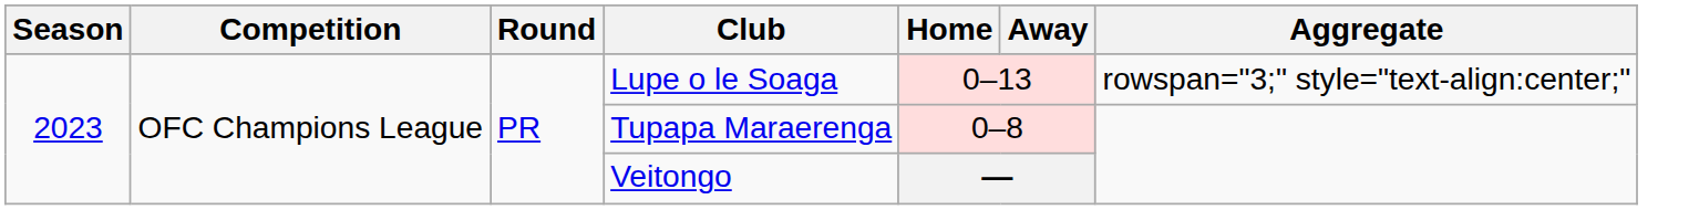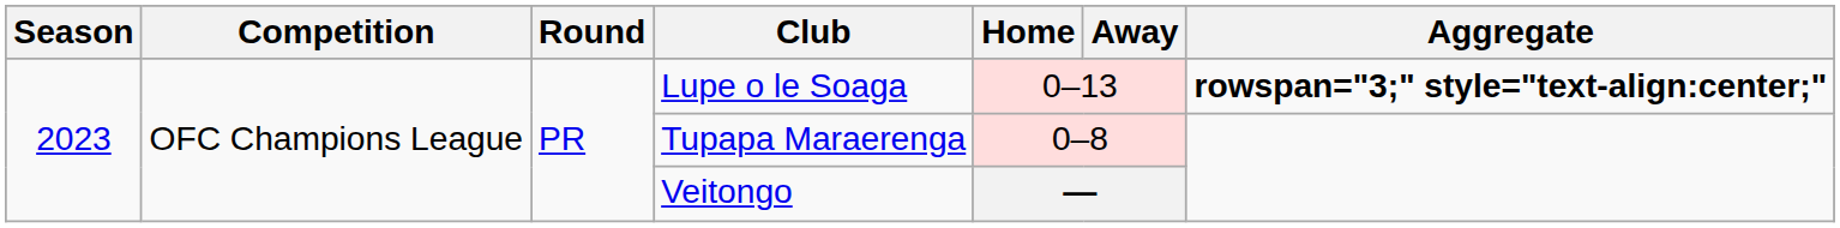 <table class="wikitable">
 <tr>
 <th>Season</th>
 <th>Competition</th>
 <th>Round</th>
 <th>Club</th>
 <th>Home</th>
 <th>Away</th>
 <th>Aggregate</th>
 </tr>
 <tr>
 <td rowspan="3;" style="text-align:center;"><a href='#'>2023</a></td>
 <td rowspan="3">OFC Champions League</td>
 <td rowspan="3"><a href='#'>PR</a></td>
 <td> <a href='#'>Lupe o le Soaga</a></td>
 <td colspan="2;" style="text-align:center; background:#fdd;">0–13</td>
-<td>rowspan="3;" style="text-align:center;" </td>
+<td><strong>rowspan="3;" style="text-align:center;" </strong></td>
 </tr>
 <tr>
 <td> <a href='#'>Tupapa Maraerenga</a></td>
 <td colspan="2;" style="text-align:center; background:#fdd;">0–8</td>
 </tr>
 <tr>
 <td> <a href='#'>Veitongo</a></td>
 <th colspan="2;" style="text-align:center;">—</th>
 </tr>
 </table>
